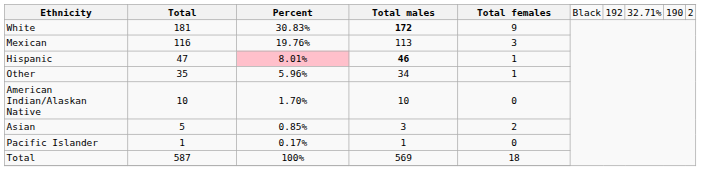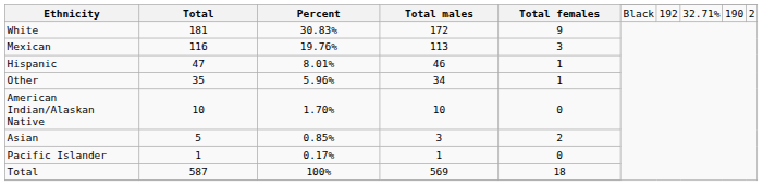 <table class="wikitable sortable" style="width:75%;">
 <tr>
 <th rowspan=2 style="width:20%;">Ethnicity</th>
 <th rowspan=2 style="width:20%;">Total</th>
 <th rowspan=2 style="width:20%;">Percent</th>
 <th rowspan=2 style="width:20%;">Total males</th>
 <th rowspan=2 style="width:20%;">Total females</th>
 </tr>
 <tr>
 <td>Black</td>
 <td align=center>192</td>
 <td align=center>32.71%</td>
 <td align=center>190</td>
 <td align=center>2</td>
 </tr>
 <tr>
 <td>White</td>
 <td align=center>181</td>
 <td align=center>30.83%</td>
-<td align=center><strong>172</strong></td>
+<td align=center>172</td>
 <td align=center>9</td>
 </tr>
 <tr>
 <td>Mexican</td>
 <td align=center>116</td>
 <td align=center>19.76%</td>
 <td align=center>113</td>
 <td align=center>3</td>
 </tr>
 <tr>
 <td>Hispanic</td>
 <td align=center>47</td>
-<td align=center style="background: pink;">8.01%</td>
-<td align=center><strong>46</strong></td>
+<td align=center>8.01%</td>
+<td align=center>46</td>
 <td align=center>1</td>
 </tr>
 <tr>
 <td>Other</td>
 <td align=center>35</td>
 <td align=center>5.96%</td>
 <td align=center>34</td>
 <td align=center>1</td>
 </tr>
 <tr>
 <td>American Indian/Alaskan Native</td>
 <td align=center>10</td>
 <td align=center>1.70%</td>
 <td align=center>10</td>
 <td align=center>0</td>
 </tr>
 <tr>
 <td>Asian</td>
 <td align=center>5</td>
 <td align=center>0.85%</td>
 <td align=center>3</td>
 <td align=center>2</td>
 </tr>
 <tr>
 <td>Pacific Islander</td>
 <td align=center>1</td>
 <td align=center>0.17%</td>
 <td align=center>1</td>
 <td align=center>0</td>
 </tr>
 <tr>
 <td>Total</td>
 <td align=center>587</td>
 <td align=center>100%</td>
 <td align=center>569</td>
 <td align=center>18</td>
 </tr>
 <tr>
 </tr>
 </table>
